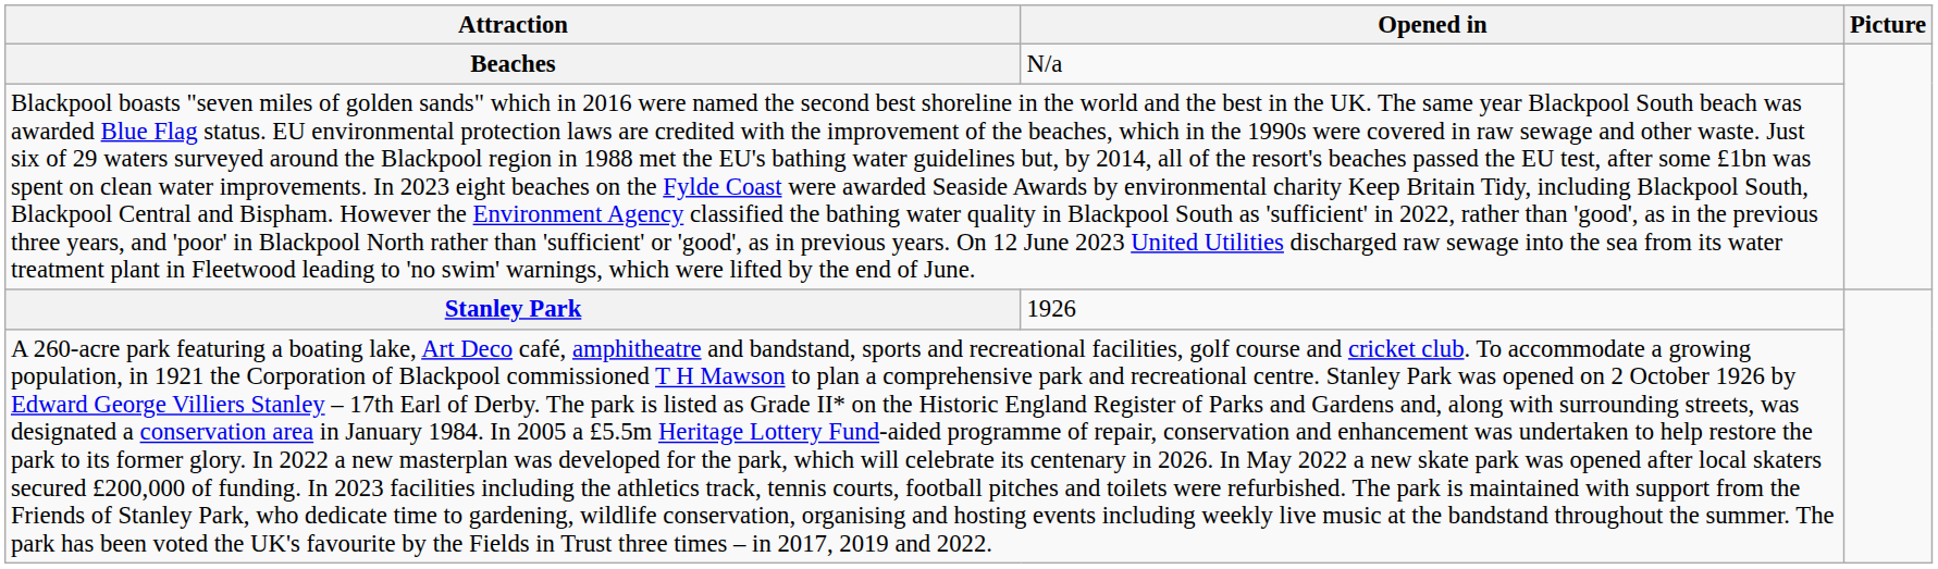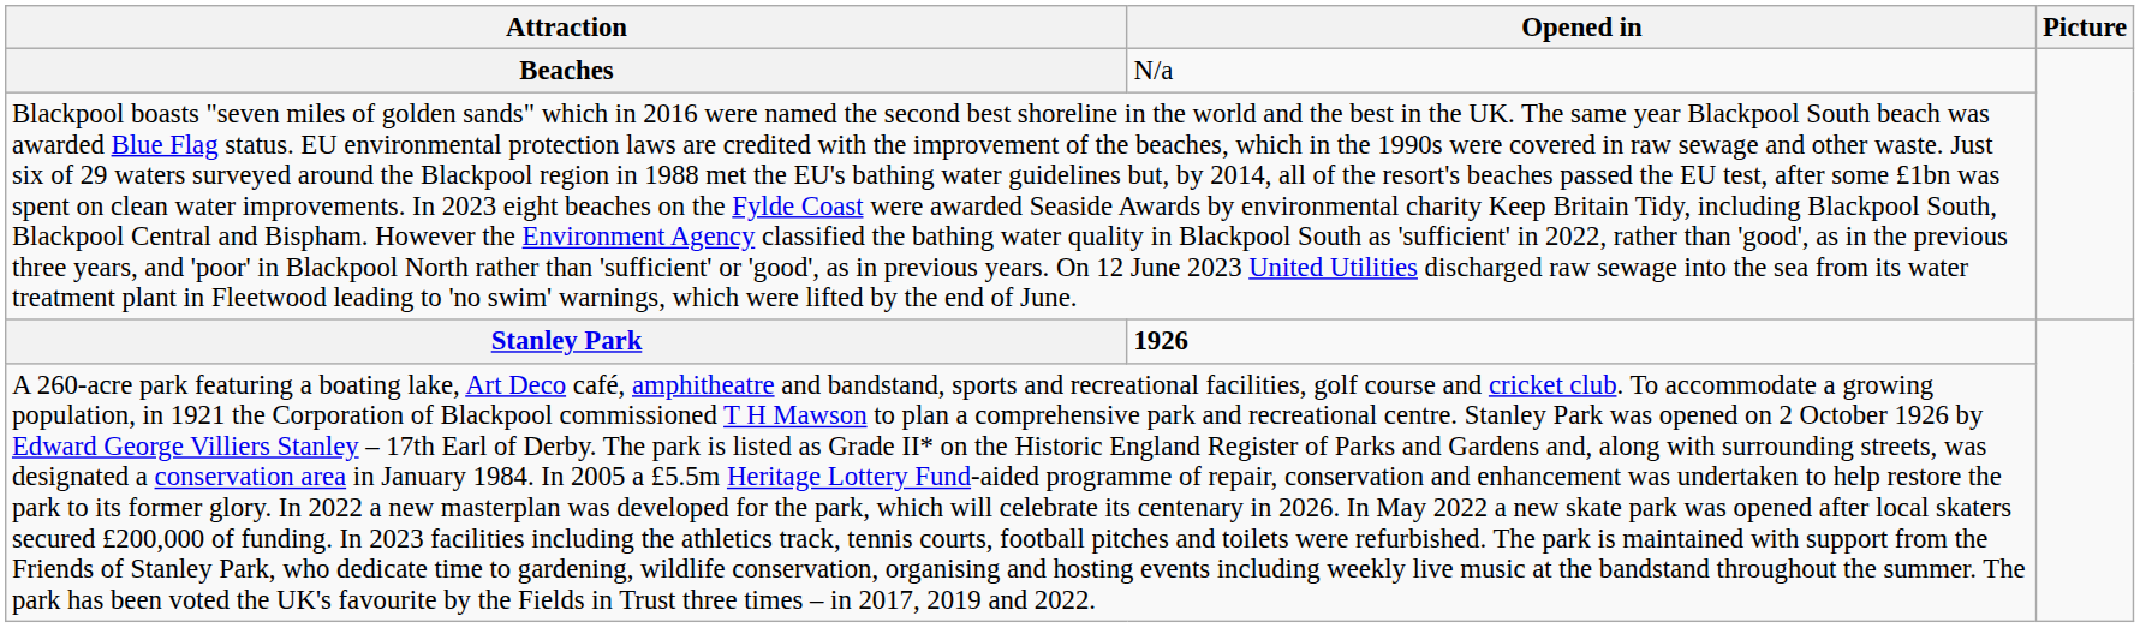 <table class="wikitable">
 <tr>
 <th>Attraction</th>
 <th>Opened in</th>
 <th>Picture</th>
 </tr>
 <tr>
 <th>Beaches</th>
 <td>N/a</td>
 <td rowspan=2></td>
 </tr>
 <tr>
 <td colspan=2>Blackpool boasts "seven miles of golden sands" which in 2016 were named the second best shoreline in the world and the best in the UK. The same year Blackpool South beach was awarded <a href='#'>Blue Flag</a> status. EU environmental protection laws are credited with the improvement of the beaches, which in the 1990s were covered in raw sewage and other waste. Just six of 29 waters surveyed around the Blackpool region in 1988 met the EU's bathing water guidelines but, by 2014, all of the resort's beaches passed the EU test, after some £1bn was spent on clean water improvements. In 2023 eight beaches on the <a href='#'>Fylde Coast</a> were awarded Seaside Awards by environmental charity Keep Britain Tidy, including Blackpool South, Blackpool Central and Bispham. However the <a href='#'>Environment Agency</a> classified the bathing water quality in Blackpool South as 'sufficient' in 2022, rather than 'good', as in the previous three years, and 'poor' in Blackpool North rather than 'sufficient' or 'good', as in previous years. On 12 June 2023 <a href='#'>United Utilities</a> discharged raw sewage into the sea from its water treatment plant in Fleetwood leading to 'no swim' warnings, which were lifted by the end of June.</td>
 </tr>
 <tr>
 <th><a href='#'>Stanley Park</a></th>
-<td>1926</td>
+<td><strong>1926</strong></td>
 <td rowspan=2></td>
 </tr>
 <tr>
 <td colspan=2>A 260-acre park featuring a boating lake, <a href='#'>Art Deco</a> café, <a href='#'>amphitheatre</a> and bandstand, sports and recreational facilities, golf course and <a href='#'>cricket club</a>. To accommodate a growing population, in 1921 the Corporation of Blackpool commissioned <a href='#'>T H Mawson</a> to plan a comprehensive park and recreational centre. Stanley Park was opened on 2 October 1926 by <a href='#'>Edward George Villiers Stanley</a> – 17th Earl of Derby. The park is listed as Grade II* on the Historic England Register of Parks and Gardens and, along with surrounding streets, was designated a <a href='#'>conservation area</a> in January 1984. In 2005 a £5.5m <a href='#'>Heritage Lottery Fund</a>-aided programme of repair, conservation and enhancement was undertaken to help restore the park to its former glory. In 2022 a new masterplan was developed for the park, which will celebrate its centenary in 2026. In May 2022 a new skate park was opened after local skaters secured £200,000 of funding. In 2023 facilities including the athletics track, tennis courts, football pitches and toilets were refurbished. The park is maintained with support from the Friends of Stanley Park, who dedicate time to gardening, wildlife conservation, organising and hosting events including weekly live music at the bandstand throughout the summer. The park has been voted the UK's favourite  by the Fields in Trust three times – in 2017, 2019 and 2022.</td>
 </tr>
 </table>
